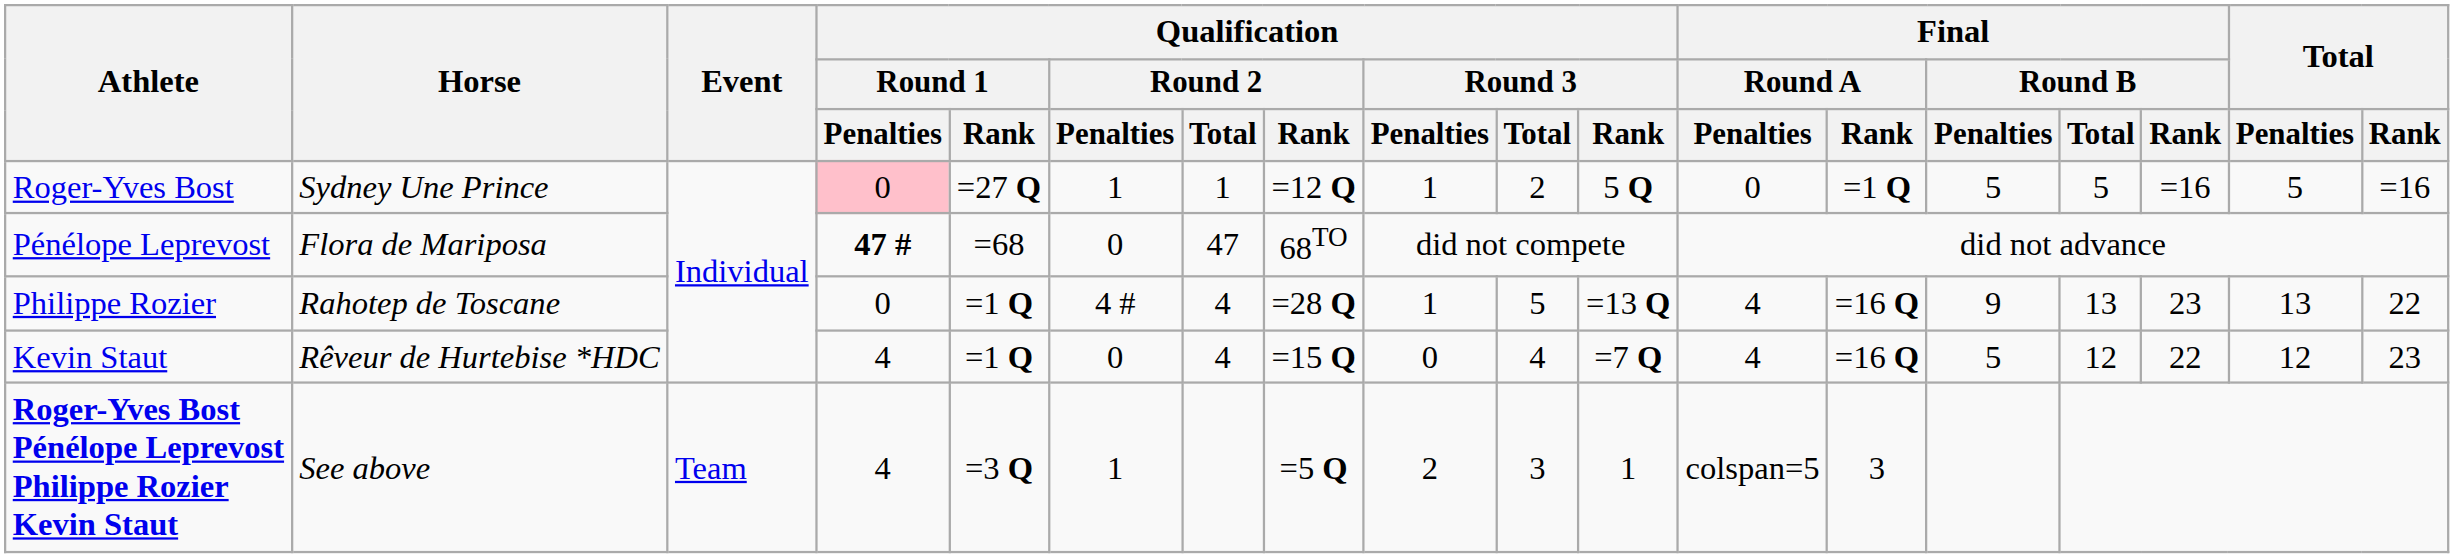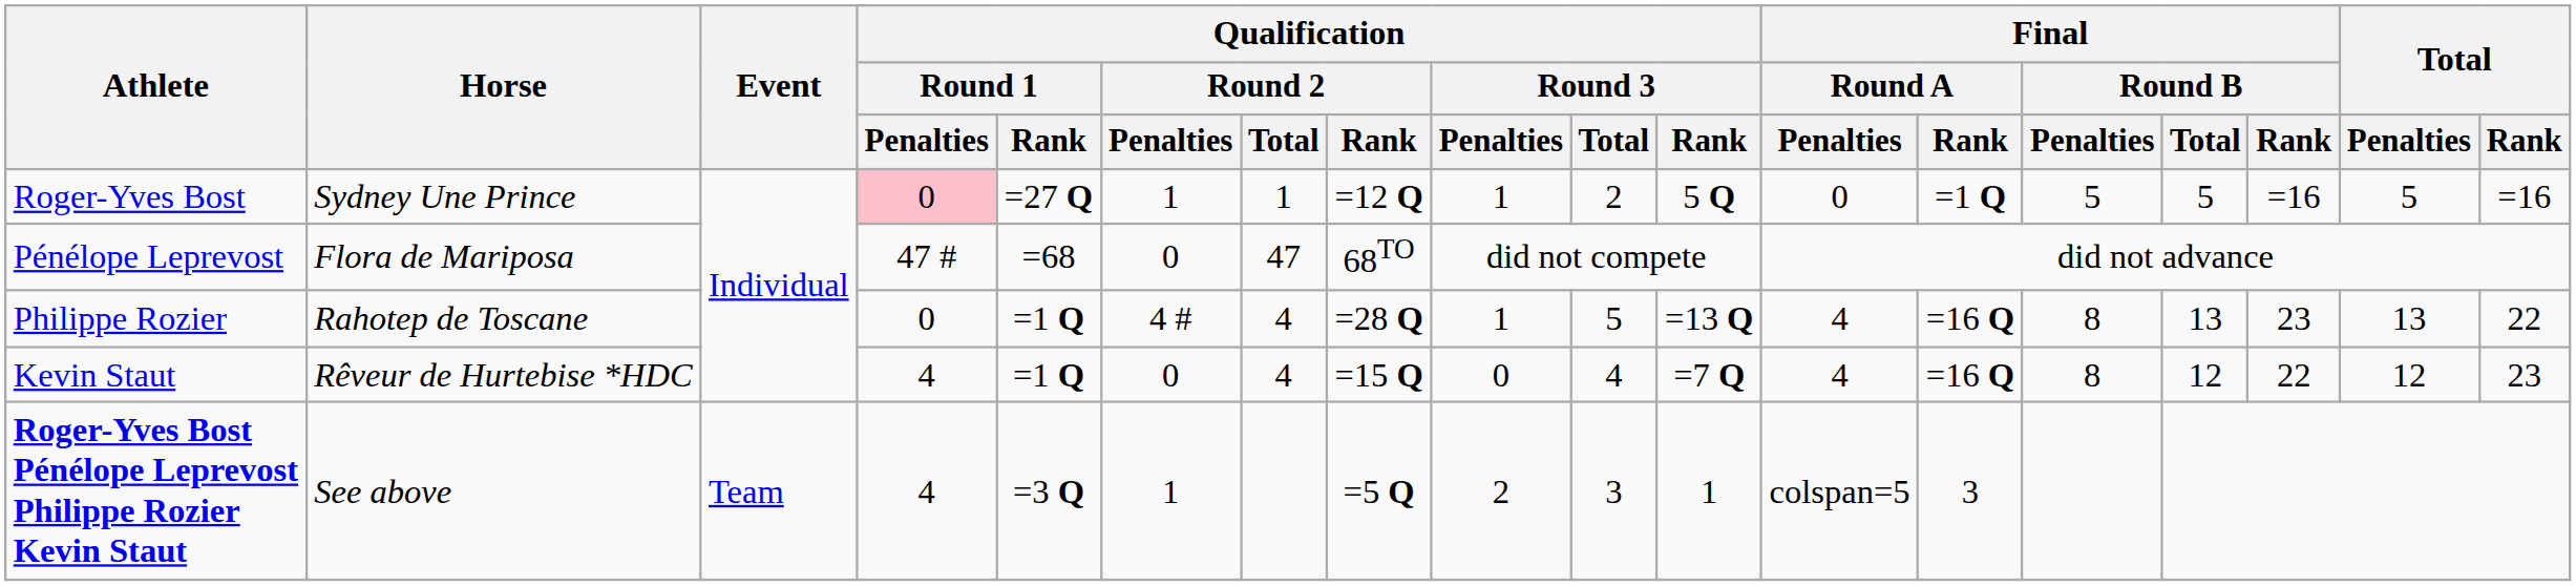 <table class="wikitable" style="font-size:90%">
 <tr>
 <th rowspan="3">Athlete</th>
 <th rowspan="3">Horse</th>
 <th rowspan="3">Event</th>
 <th colspan="8">Qualification</th>
 <th colspan="5">Final</th>
 <th rowspan=2 colspan="2">Total</th>
 </tr>
 <tr style="font-size:95%">
 <th colspan="2">Round 1</th>
 <th colspan="3">Round 2</th>
 <th colspan="3">Round 3</th>
 <th colspan="2">Round A</th>
 <th colspan="3">Round B</th>
 </tr>
 <tr style="font-size:95%">
 <th>Penalties</th>
 <th>Rank</th>
 <th>Penalties</th>
 <th>Total</th>
 <th>Rank</th>
 <th>Penalties</th>
 <th>Total</th>
 <th>Rank</th>
 <th>Penalties</th>
 <th>Rank</th>
 <th>Penalties</th>
 <th>Total</th>
 <th>Rank</th>
 <th>Penalties</th>
 <th>Rank</th>
 </tr>
 <tr align=center>
 <td align=left><a href='#'>Roger-Yves Bost</a></td>
 <td align=left><em>Sydney Une Prince</em></td>
 <td style="text-align:left;" rowspan="4"><a href='#'>Individual</a></td>
 <td style="background: pink;">0</td>
 <td>=27 <strong>Q</strong></td>
 <td>1</td>
 <td>1</td>
 <td>=12 <strong>Q</strong></td>
 <td>1</td>
 <td>2</td>
 <td>5 <strong>Q</strong></td>
 <td>0</td>
 <td>=1 <strong>Q</strong></td>
 <td>5</td>
 <td>5</td>
 <td>=16</td>
 <td>5</td>
 <td>=16</td>
 </tr>
 <tr align=center>
 <td align=left><a href='#'>Pénélope Leprevost</a></td>
 <td align=left><em>Flora de Mariposa</em></td>
-<td><strong>47 #</strong></td>
+<td>47 #</td>
 <td>=68</td>
 <td>0</td>
 <td>47</td>
 <td>68<sup>TO</sup></td>
 <td colspan=3>did not compete</td>
 <td colspan=7>did not advance</td>
 </tr>
 <tr align=center>
 <td align=left><a href='#'>Philippe Rozier</a></td>
 <td align=left><em>Rahotep de Toscane</em></td>
 <td>0</td>
 <td>=1 <strong>Q</strong></td>
 <td>4 #</td>
 <td>4</td>
 <td>=28 <strong>Q</strong></td>
 <td>1</td>
 <td>5</td>
 <td>=13 <strong>Q</strong></td>
 <td>4</td>
 <td>=16 <strong>Q</strong></td>
-<td>9</td>
+<td>8</td>
 <td>13</td>
 <td>23</td>
 <td>13</td>
 <td>22</td>
 </tr>
 <tr align=center>
 <td align=left><a href='#'>Kevin Staut</a></td>
 <td align=left><em>Rêveur de Hurtebise *HDC</em></td>
 <td>4</td>
 <td>=1 <strong>Q</strong></td>
 <td>0</td>
 <td>4</td>
 <td>=15 <strong>Q</strong></td>
 <td>0</td>
 <td>4</td>
 <td>=7 <strong>Q</strong></td>
 <td>4</td>
 <td>=16 <strong>Q</strong></td>
-<td>5</td>
+<td>8</td>
 <td>12</td>
 <td>22</td>
 <td>12</td>
 <td>23</td>
 </tr>
 <tr align=center>
 <td align=left><strong><a href='#'>Roger-Yves Bost</a><br><a href='#'>Pénélope Leprevost</a><br><a href='#'>Philippe Rozier</a><br><a href='#'>Kevin Staut</a></strong></td>
 <td align=left><em>See above</em></td>
 <td align=left><a href='#'>Team</a></td>
 <td>4</td>
 <td>=3 <strong>Q</strong></td>
 <td>1</td>
 <td></td>
 <td>=5 <strong>Q</strong></td>
 <td>2</td>
 <td>3</td>
 <td>1</td>
 <td>colspan=5 </td>
 <td>3</td>
 <td></td>
 </tr>
 </table>
